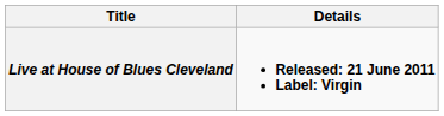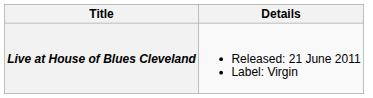 <table class="wikitable plainrowheaders">
 <tr>
 <th>Title</th>
 <th>Details</th>
 </tr>
 <tr>
 <th scope="row"><em>Live at House of Blues Cleveland</em></th>
-<td><strong><br><ul><li>Released: 21 June 2011</li><li>Label: Virgin</li></ul></strong></td>
+<td><br><ul><li>Released: 21 June 2011</li><li>Label: Virgin</li></ul></td>
 </tr>
 </table>
